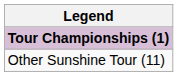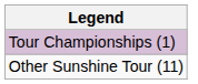 <table class="wikitable" style="font-size:95%;">
 <tr>
 <th>Legend</th>
 </tr>
 <tr style="background:thistle;">
-<td><strong>Tour Championships (1)</strong></td>
+<td>Tour Championships (1)</td>
 </tr>
 <tr>
 <td>Other Sunshine Tour (11)</td>
 </tr>
 </table>
